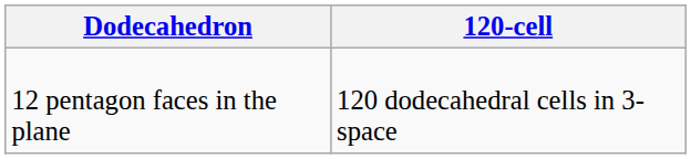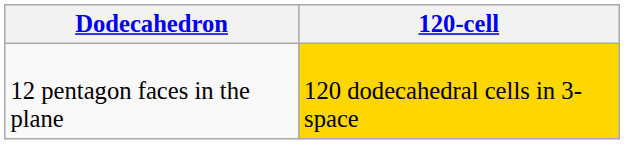 <table class=wikitable width=400>
 <tr>
 <th><a href='#'>Dodecahedron</a></th>
 <th><a href='#'>120-cell</a></th>
 </tr>
 <tr>
 <td valign=top><br>12 pentagon faces in the plane</td>
-<td valign=top><br>120 dodecahedral cells in 3-space</td>
+<td valign=top style="background: gold;"><br>120 dodecahedral cells in 3-space</td>
 </tr>
 </table>
